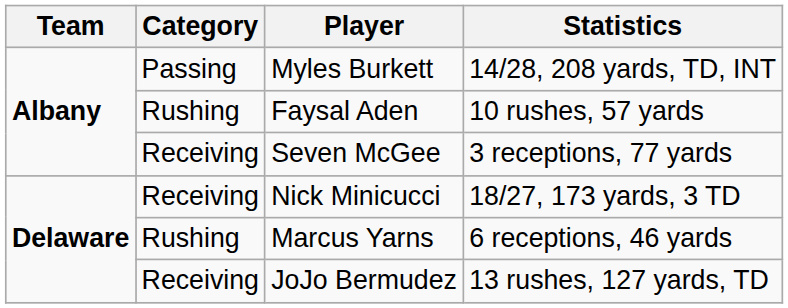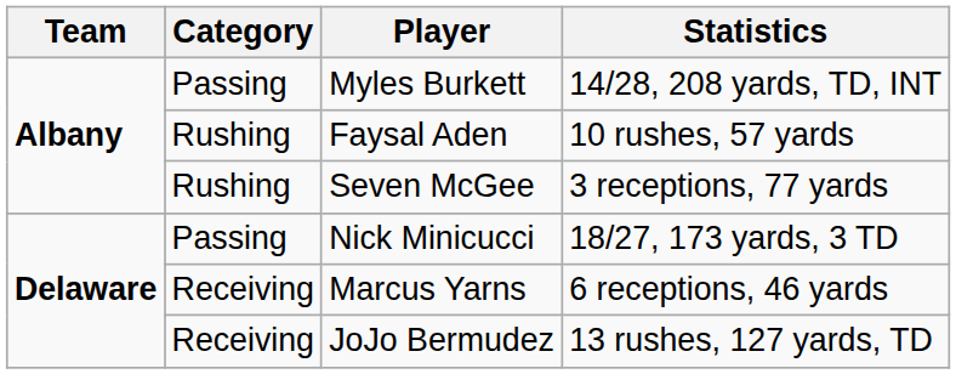 <table class="wikitable" style="float: right;">
 <tr>
 <th>Team</th>
 <th>Category</th>
 <th>Player</th>
 <th>Statistics</th>
 </tr>
 <tr>
 <td rowspan=3><strong>Albany</strong></td>
 <td>Passing</td>
 <td>Myles Burkett</td>
 <td>14/28, 208 yards, TD, INT</td>
 </tr>
 <tr>
 <td>Rushing</td>
 <td>Faysal Aden</td>
 <td>10 rushes, 57 yards</td>
 </tr>
 <tr>
-<td>Receiving</td>
+<td>Rushing</td>
 <td>Seven McGee</td>
 <td>3 receptions, 77 yards</td>
 </tr>
 <tr>
 <td rowspan=3><strong>Delaware</strong></td>
-<td>Receiving</td>
+<td>Passing</td>
 <td>Nick Minicucci</td>
 <td>18/27, 173 yards, 3 TD</td>
 </tr>
 <tr>
-<td>Rushing</td>
+<td>Receiving</td>
 <td>Marcus Yarns</td>
 <td>6 receptions, 46 yards</td>
 </tr>
 <tr>
 <td>Receiving</td>
 <td>JoJo Bermudez</td>
 <td>13 rushes, 127 yards, TD</td>
 </tr>
 </table>
